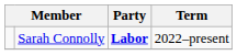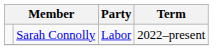 <table class="wikitable">
 <tr>
 <th colspan="2">Member</th>
 <th>Party</th>
 <th>Term</th>
 </tr>
 <tr>
 <td> </td>
 <td><a href='#'>Sarah Connolly</a></td>
-<td><strong><a href='#'>Labor</a></strong></td>
+<td><a href='#'>Labor</a></td>
 <td>2022–present</td>
 </tr>
 <tr>
 </tr>
 </table>
